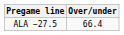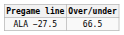 <table class="wikitable" style="margin-left: auto; margin-right: auto; border: none; display: inline-table;">
 <tr align="center">
 <th style=>Pregame line</th>
 <th style=>Over/under</th>
 </tr>
 <tr align="center">
 <td>ALA −27.5</td>
-<td>66.4</td>
+<td>66.5</td>
 </tr>
 </table>
